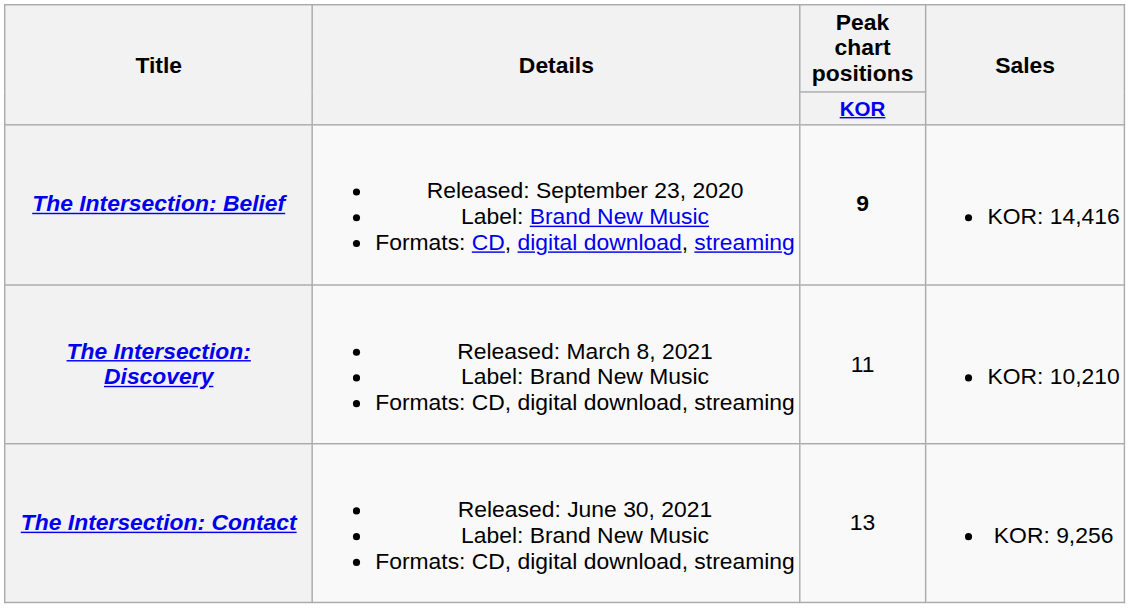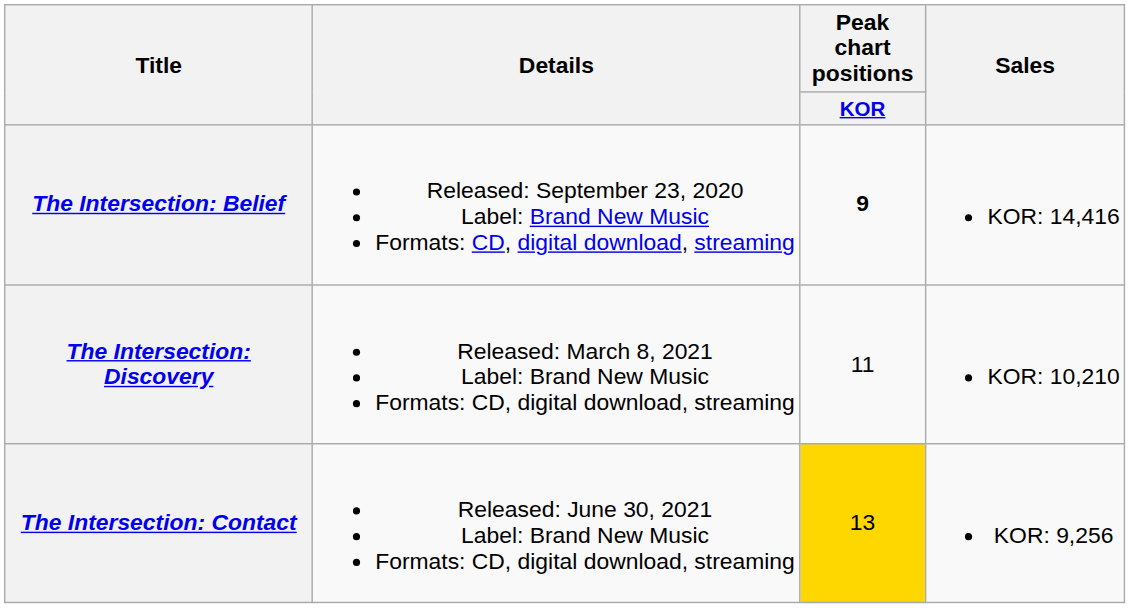 <table class="wikitable plainrowheaders" style="text-align:center;">
 <tr>
 <th scope="col" rowspan="2" style="width:13em;">Title</th>
 <th scope="col" rowspan="2">Details</th>
 <th scope="col" colspan="1" style="width:5em;">Peak chart positions</th>
 <th scope="col" rowspan="2">Sales</th>
 </tr>
 <tr>
 <th scope="col" style="font-size:90%; width:2.75em"><a href='#'>KOR</a><br></th>
 </tr>
 <tr>
 <th scope="row"><em><a href='#'>The Intersection: Belief</a></em></th>
 <td><br><ul><li>Released: September 23, 2020</li><li>Label: <a href='#'>Brand New Music</a></li><li>Formats: <a href='#'>CD</a>, <a href='#'>digital download</a>, <a href='#'>streaming</a></li></ul></td>
 <td><strong>9</strong></td>
 <td><br><ul><li>KOR: 14,416</li></ul></td>
 </tr>
 <tr>
 <th scope="row"><em><a href='#'>The Intersection: Discovery</a></em></th>
 <td><br><ul><li>Released: March 8, 2021</li><li>Label: Brand New Music</li><li>Formats: CD, digital download, streaming</li></ul></td>
 <td>11</td>
 <td><br><ul><li>KOR: 10,210</li></ul></td>
 </tr>
 <tr>
 <th scope="row"><em><a href='#'>The Intersection: Contact</a></em></th>
 <td><br><ul><li>Released: June 30, 2021</li><li>Label: Brand New Music</li><li>Formats: CD, digital download, streaming</li></ul></td>
-<td>13</td>
+<td style="background: gold;">13</td>
 <td><br><ul><li>KOR: 9,256</li></ul></td>
 </tr>
 </table>
